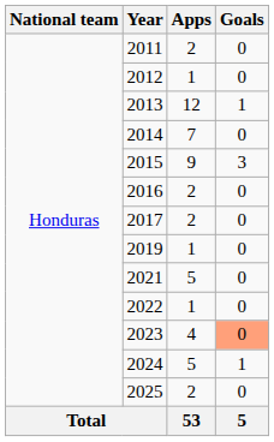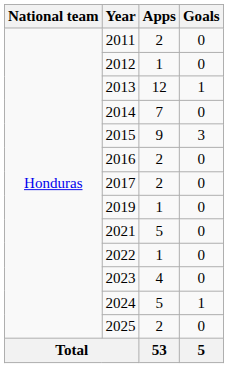 <table class="wikitable" style="text-align: center;">
 <tr>
 <th>National team</th>
 <th>Year</th>
 <th>Apps</th>
 <th>Goals</th>
 </tr>
 <tr>
 <td rowspan="13"><a href='#'>Honduras</a></td>
 <td>2011</td>
 <td>2</td>
 <td>0</td>
 </tr>
 <tr>
 <td>2012</td>
 <td>1</td>
 <td>0</td>
 </tr>
 <tr>
 <td>2013</td>
 <td>12</td>
 <td>1</td>
 </tr>
 <tr>
 <td>2014</td>
 <td>7</td>
 <td>0</td>
 </tr>
 <tr>
 <td>2015</td>
 <td>9</td>
 <td>3</td>
 </tr>
 <tr>
 <td>2016</td>
 <td>2</td>
 <td>0</td>
 </tr>
 <tr>
 <td>2017</td>
 <td>2</td>
 <td>0</td>
 </tr>
 <tr>
 <td>2019</td>
 <td>1</td>
 <td>0</td>
 </tr>
 <tr>
 <td>2021</td>
 <td>5</td>
 <td>0</td>
 </tr>
 <tr>
 <td>2022</td>
 <td>1</td>
 <td>0</td>
 </tr>
 <tr>
 <td>2023</td>
 <td>4</td>
-<td style="background: lightsalmon;">0</td>
+<td>0</td>
 </tr>
 <tr>
 <td>2024</td>
 <td>5</td>
 <td>1</td>
 </tr>
 <tr>
 <td>2025</td>
 <td>2</td>
 <td>0</td>
 </tr>
 <tr>
 <th colspan="2">Total</th>
 <th>53</th>
 <th>5</th>
 </tr>
 </table>
